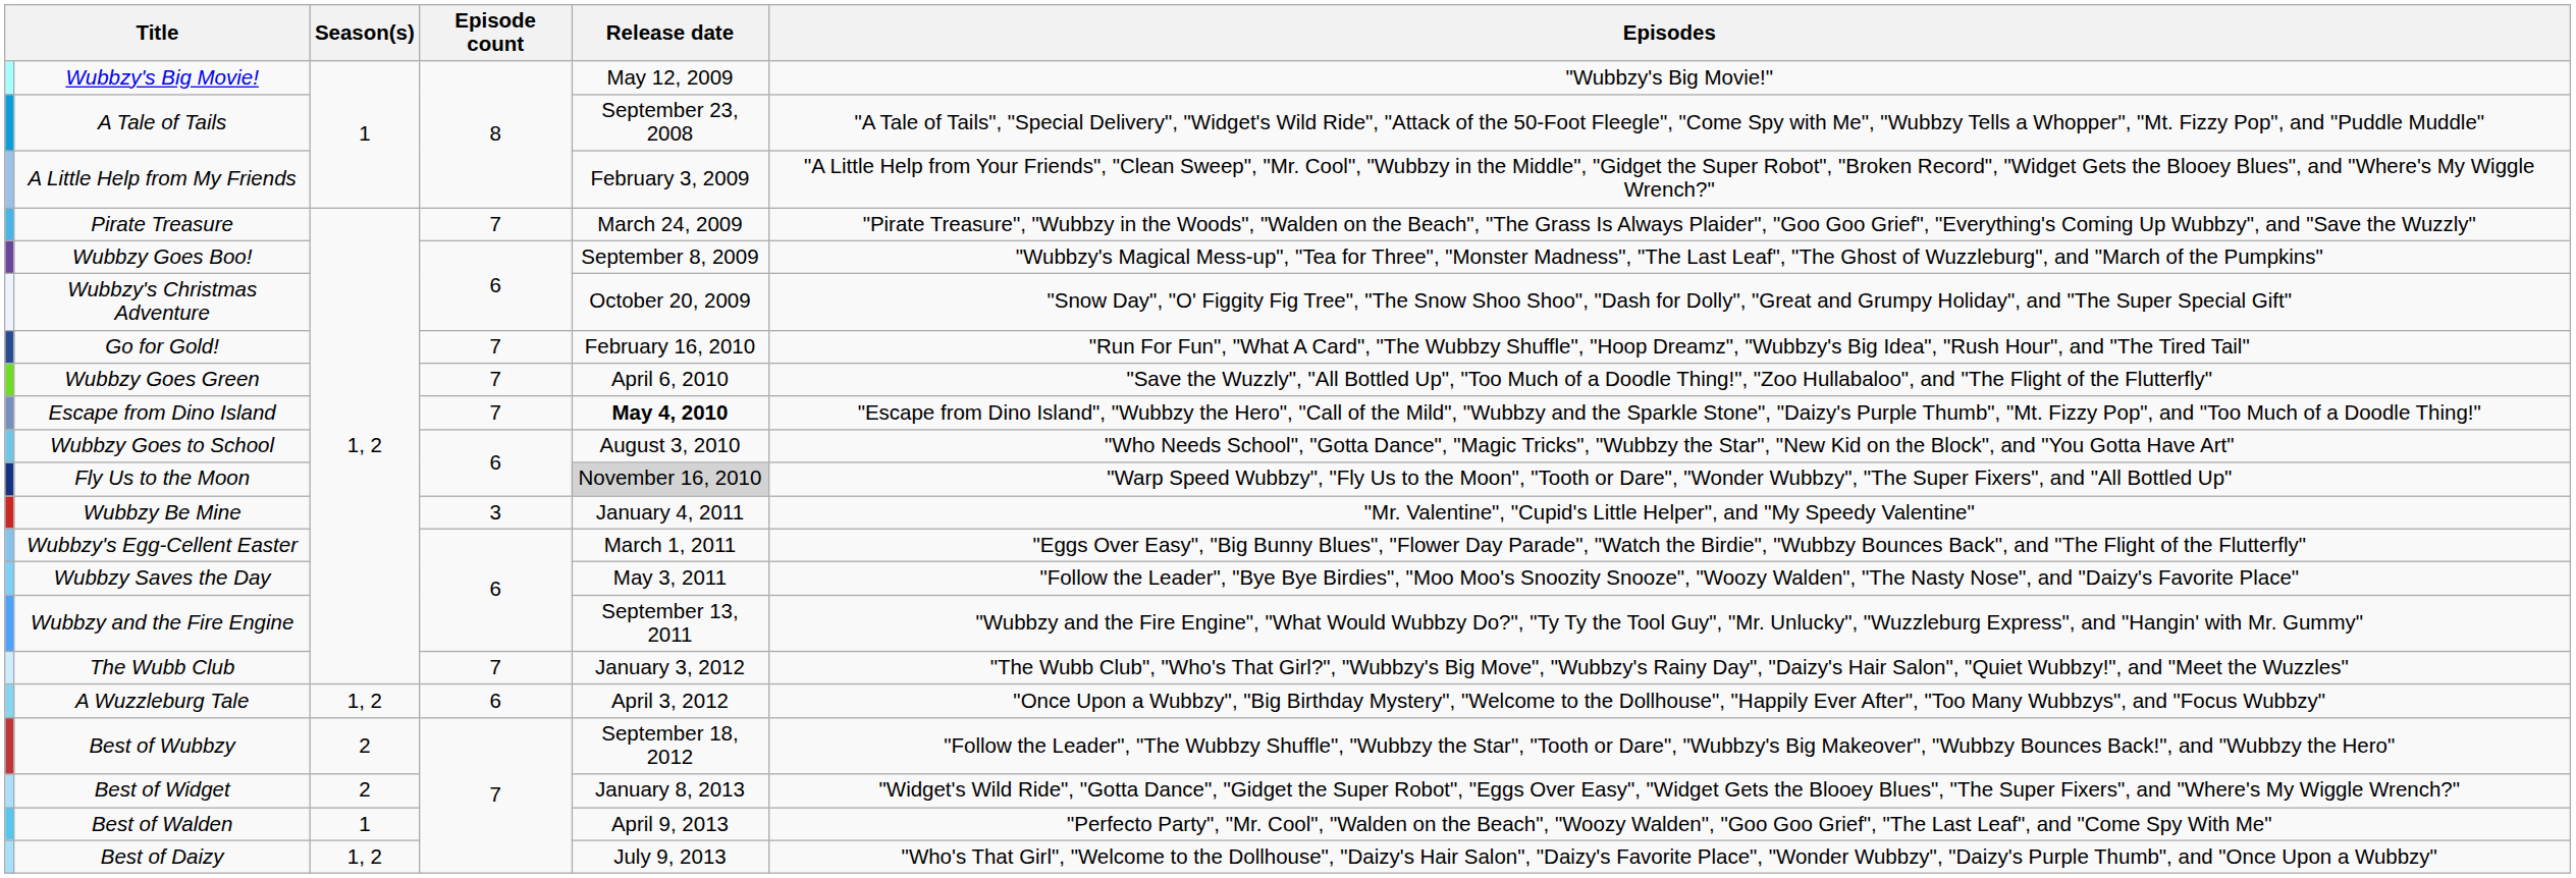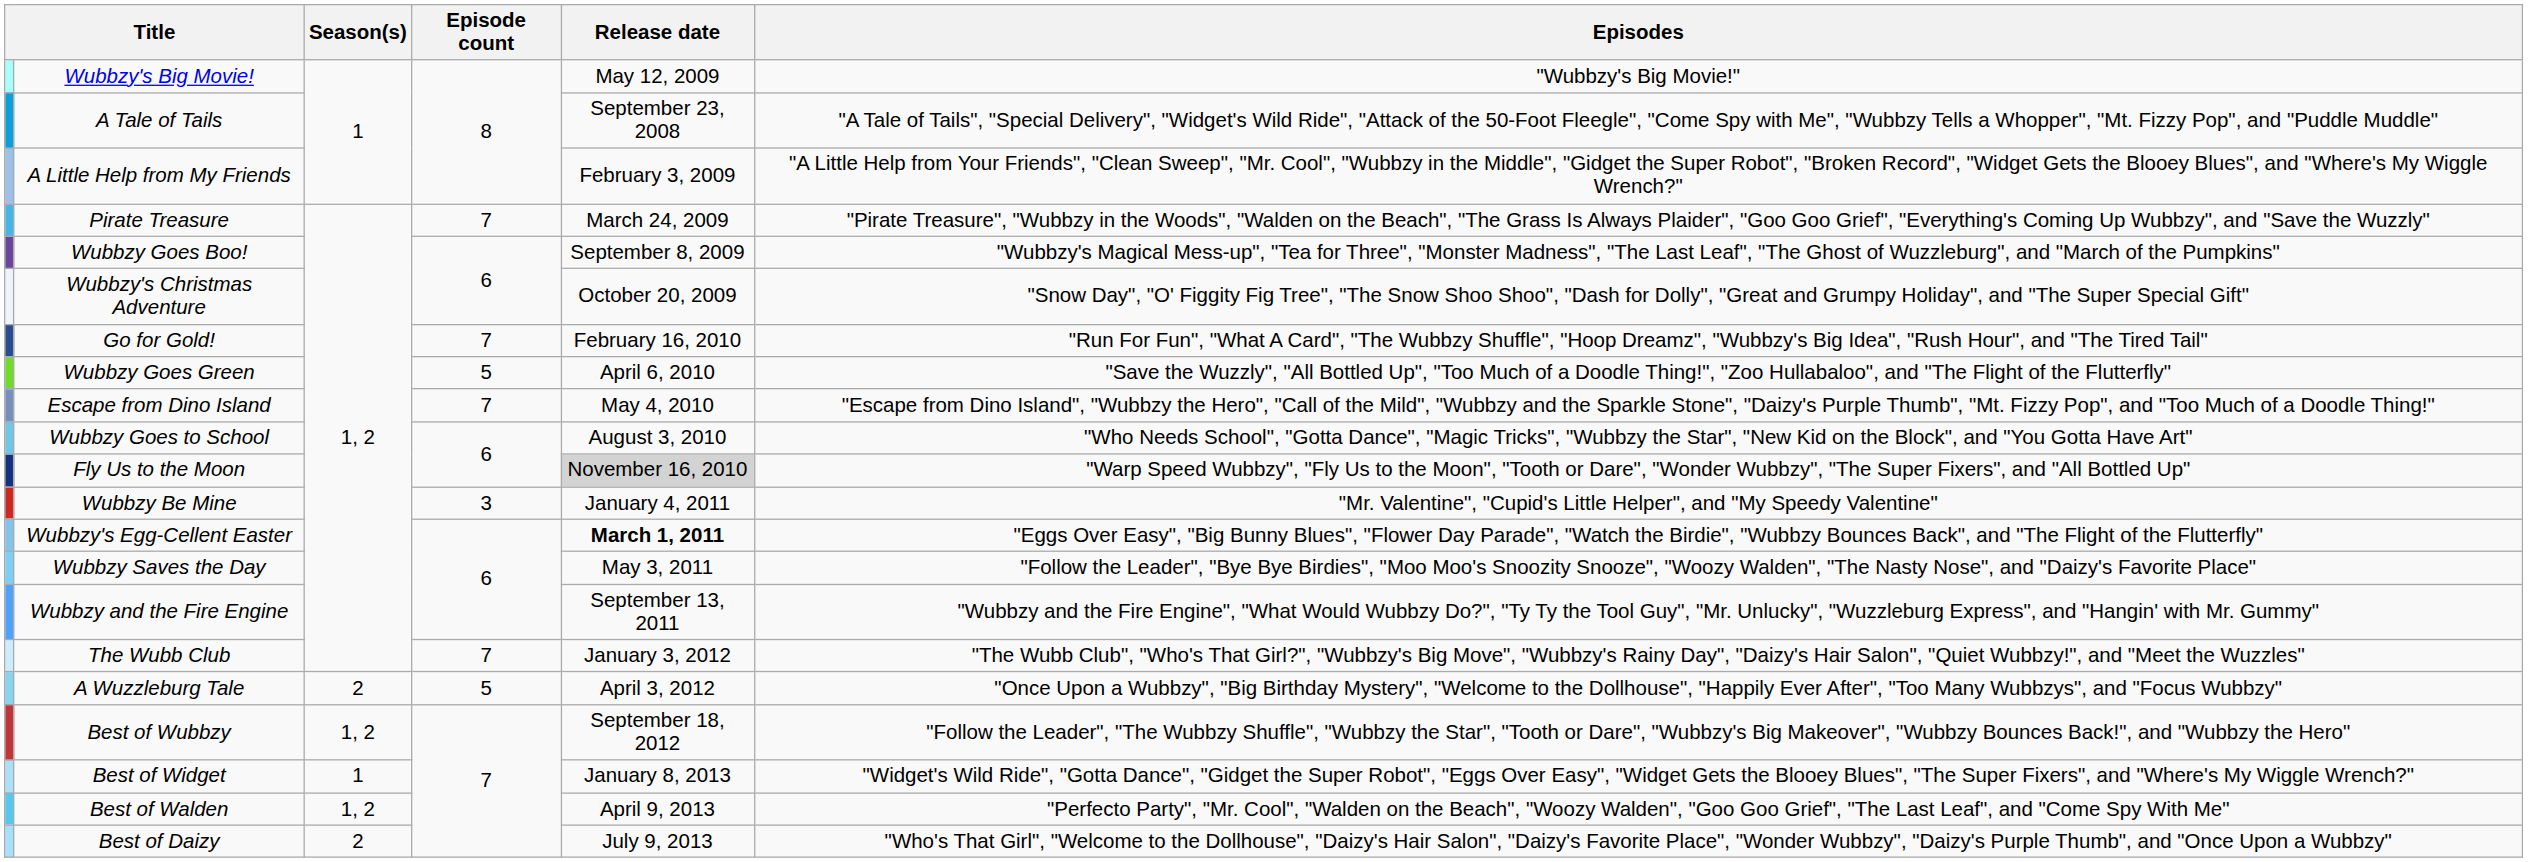 <table class="wikitable sortable" style="text-align: center;">
 <tr>
 <th colspan=2>Title</th>
 <th>Season(s)</th>
 <th>Episode count</th>
 <th>Release date</th>
 <th>Episodes</th>
 </tr>
 <tr>
 <td style="background:#a7fffc"></td>
 <td><em><a href='#'>Wubbzy's Big Movie!</a></em></td>
 <td rowspan=3>1</td>
 <td rowspan=3>8</td>
 <td>May 12, 2009</td>
 <td>"Wubbzy's Big Movie!"</td>
 </tr>
 <tr>
 <td style="background:#089fdb"></td>
 <td><em>A Tale of Tails</em></td>
 <td>September 23, 2008</td>
 <td>"A Tale of Tails", "Special Delivery", "Widget's Wild Ride", "Attack of the 50-Foot Fleegle", "Come Spy with Me", "Wubbzy Tells a Whopper", "Mt. Fizzy Pop", and "Puddle Muddle"</td>
 </tr>
 <tr>
 <td style="background:#9bc1e8"></td>
 <td><em>A Little Help from My Friends</em></td>
 <td>February 3, 2009</td>
 <td>"A Little Help from Your Friends", "Clean Sweep", "Mr. Cool", "Wubbzy in the Middle", "Gidget the Super Robot", "Broken Record", "Widget Gets the Blooey Blues", and "Where's My Wiggle Wrench?"</td>
 </tr>
 <tr>
 <td style="background:#46b6e8"></td>
 <td><em>Pirate Treasure</em></td>
 <td rowspan=13>1, 2</td>
 <td>7</td>
 <td>March 24, 2009</td>
 <td>"Pirate Treasure", "Wubbzy in the Woods", "Walden on the Beach", "The Grass Is Always Plaider", "Goo Goo Grief", "Everything's Coming Up Wubbzy", and "Save the Wuzzly"</td>
 </tr>
 <tr>
 <td style="background:#69459c"></td>
 <td><em>Wubbzy Goes Boo!</em></td>
 <td rowspan=2>6</td>
 <td>September 8, 2009</td>
 <td>"Wubbzy's Magical Mess-up", "Tea for Three", "Monster Madness", "The Last Leaf", "The Ghost of Wuzzleburg", and "March of the Pumpkins"</td>
 </tr>
 <tr>
 <td style="background:#edf4fc"></td>
 <td><em>Wubbzy's Christmas Adventure</em></td>
 <td>October 20, 2009</td>
 <td>"Snow Day", "O' Figgity Fig Tree", "The Snow Shoo Shoo", "Dash for Dolly", "Great and Grumpy Holiday", and "The Super Special Gift"</td>
 </tr>
 <tr>
 <td style="background:#274c90"></td>
 <td><em>Go for Gold!</em></td>
 <td>7</td>
 <td>February 16, 2010</td>
 <td>"Run For Fun", "What A Card", "The Wubbzy Shuffle", "Hoop Dreamz", "Wubbzy's Big Idea", "Rush Hour", and "The Tired Tail"</td>
 </tr>
 <tr>
 <td style="background:#6fdd25"></td>
 <td><em>Wubbzy Goes Green</em></td>
-<td>7</td>
+<td>5</td>
 <td>April 6, 2010</td>
 <td>"Save the Wuzzly", "All Bottled Up", "Too Much of a Doodle Thing!", "Zoo Hullabaloo", and "The Flight of the Flutterfly"</td>
 </tr>
 <tr>
 <td style="background:#778fbd"></td>
 <td><em>Escape from Dino Island</em></td>
 <td>7</td>
-<td><strong>May 4, 2010</strong></td>
+<td>May 4, 2010</td>
 <td>"Escape from Dino Island", "Wubbzy the Hero", "Call of the Mild", "Wubbzy and the Sparkle Stone", "Daizy's Purple Thumb", "Mt. Fizzy Pop", and "Too Much of a Doodle Thing!"</td>
 </tr>
 <tr>
 <td style="background:#70c7e5"></td>
 <td><em>Wubbzy Goes to School</em></td>
 <td rowspan=2>6</td>
 <td>August 3, 2010</td>
 <td>"Who Needs School", "Gotta Dance", "Magic Tricks", "Wubbzy the Star", "New Kid on the Block", and "You Gotta Have Art"</td>
 </tr>
 <tr>
 <td style="background:#133180"></td>
 <td><em>Fly Us to the Moon</em></td>
 <td style="background: lightgrey;">November 16, 2010</td>
 <td>"Warp Speed Wubbzy", "Fly Us to the Moon", "Tooth or Dare", "Wonder Wubbzy", "The Super Fixers", and "All Bottled Up"</td>
 </tr>
 <tr>
 <td style="background:#cb2821"></td>
 <td><em>Wubbzy Be Mine</em></td>
 <td>3</td>
 <td>January 4, 2011</td>
 <td>"Mr. Valentine", "Cupid's Little Helper", and "My Speedy Valentine"</td>
 </tr>
 <tr>
 <td style="background:#84c4ea"></td>
 <td><em>Wubbzy's Egg-Cellent Easter</em></td>
 <td rowspan=3>6</td>
-<td>March 1, 2011</td>
+<td><strong>March 1, 2011</strong></td>
 <td>"Eggs Over Easy", "Big Bunny Blues", "Flower Day Parade", "Watch the Birdie", "Wubbzy Bounces Back", and "The Flight of the Flutterfly"</td>
 </tr>
 <tr>
 <td style="background:#7cd0f5"></td>
 <td><em>Wubbzy Saves the Day</em></td>
 <td>May 3, 2011</td>
 <td>"Follow the Leader", "Bye Bye Birdies", "Moo Moo's Snoozity Snooze", "Woozy Walden", "The Nasty Nose", and "Daizy's Favorite Place"</td>
 </tr>
 <tr>
 <td style="background:#4da2fc"></td>
 <td><em>Wubbzy and the Fire Engine</em></td>
 <td>September 13, 2011</td>
 <td>"Wubbzy and the Fire Engine", "What Would Wubbzy Do?", "Ty Ty the Tool Guy", "Mr. Unlucky", "Wuzzleburg Express", and "Hangin' with Mr. Gummy"</td>
 </tr>
 <tr>
 <td style="background:#cdedfc"></td>
 <td><em>The Wubb Club</em></td>
 <td>7</td>
 <td>January 3, 2012</td>
 <td>"The Wubb Club", "Who's That Girl?", "Wubbzy's Big Move", "Wubbzy's Rainy Day", "Daizy's Hair Salon", "Quiet Wubbzy!", and "Meet the Wuzzles"</td>
 </tr>
 <tr>
 <td style="background:#85d5f0"></td>
 <td><em>A Wuzzleburg Tale</em></td>
-<td>1, 2</td>
-<td>6</td>
+<td>2</td>
+<td>5</td>
 <td>April 3, 2012</td>
 <td>"Once Upon a Wubbzy", "Big Birthday Mystery", "Welcome to the Dollhouse", "Happily Ever After", "Too Many Wubbzys", and "Focus Wubbzy"</td>
 </tr>
 <tr>
 <td style="background:#c03538"></td>
 <td><em>Best of Wubbzy</em></td>
-<td>2</td>
+<td>1, 2</td>
 <td rowspan=4>7</td>
 <td>September 18, 2012</td>
 <td>"Follow the Leader", "The Wubbzy Shuffle", "Wubbzy the Star", "Tooth or Dare", "Wubbzy's Big Makeover", "Wubbzy Bounces Back!", and "Wubbzy the Hero"</td>
 </tr>
 <tr>
 <td style="background:#aae0f8"></td>
 <td><em>Best of Widget</em></td>
-<td>2</td>
+<td>1</td>
 <td>January 8, 2013</td>
 <td>"Widget's Wild Ride", "Gotta Dance", "Gidget the Super Robot", "Eggs Over Easy", "Widget Gets the Blooey Blues", "The Super Fixers", and "Where's My Wiggle Wrench?"</td>
 </tr>
 <tr>
 <td style="background:#54c8f1"></td>
 <td><em>Best of Walden</em></td>
-<td>1</td>
+<td>1, 2</td>
 <td>April 9, 2013</td>
 <td>"Perfecto Party", "Mr. Cool", "Walden on the Beach", "Woozy Walden", "Goo Goo Grief", "The Last Leaf", and "Come Spy With Me"</td>
 </tr>
 <tr>
 <td style="background:#a5e1fb"></td>
 <td><em>Best of Daizy</em></td>
-<td>1, 2</td>
+<td>2</td>
 <td>July 9, 2013</td>
 <td>"Who's That Girl", "Welcome to the Dollhouse", "Daizy's Hair Salon", "Daizy's Favorite Place", "Wonder Wubbzy", "Daizy's Purple Thumb", and "Once Upon a Wubbzy"</td>
 </tr>
 </table>
